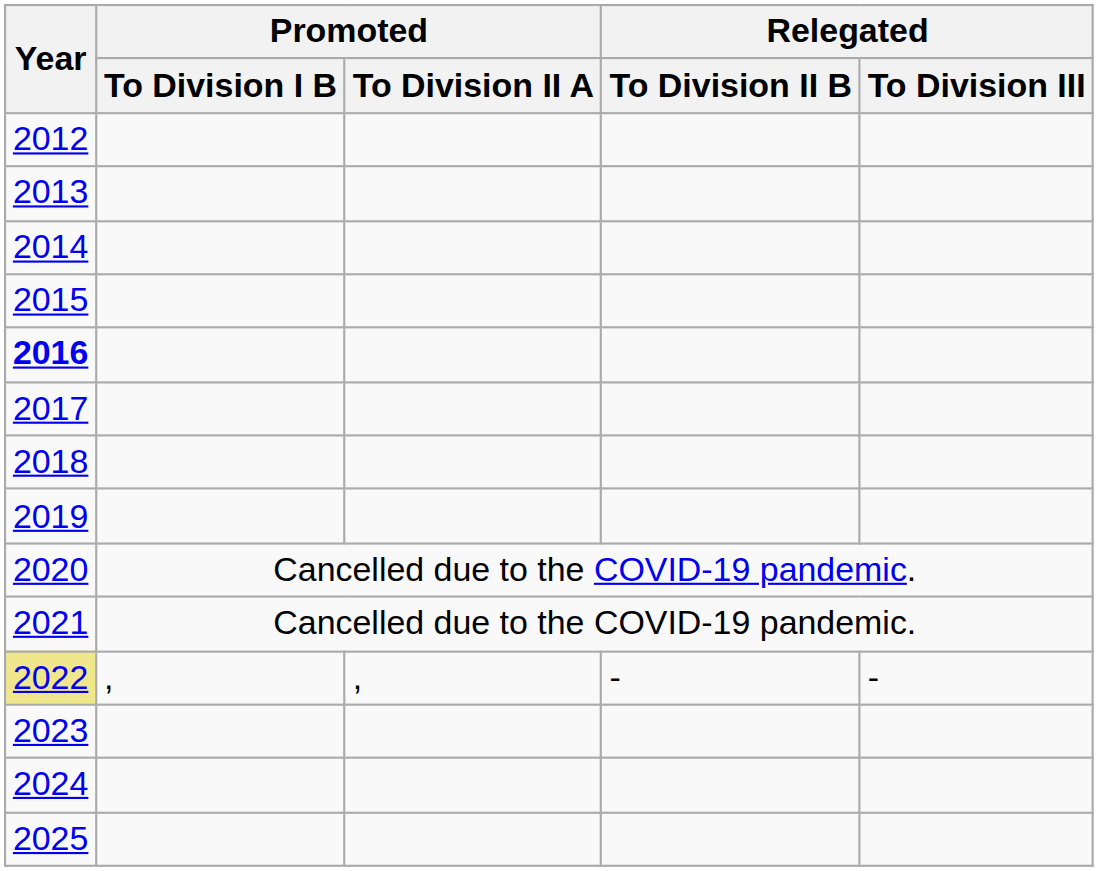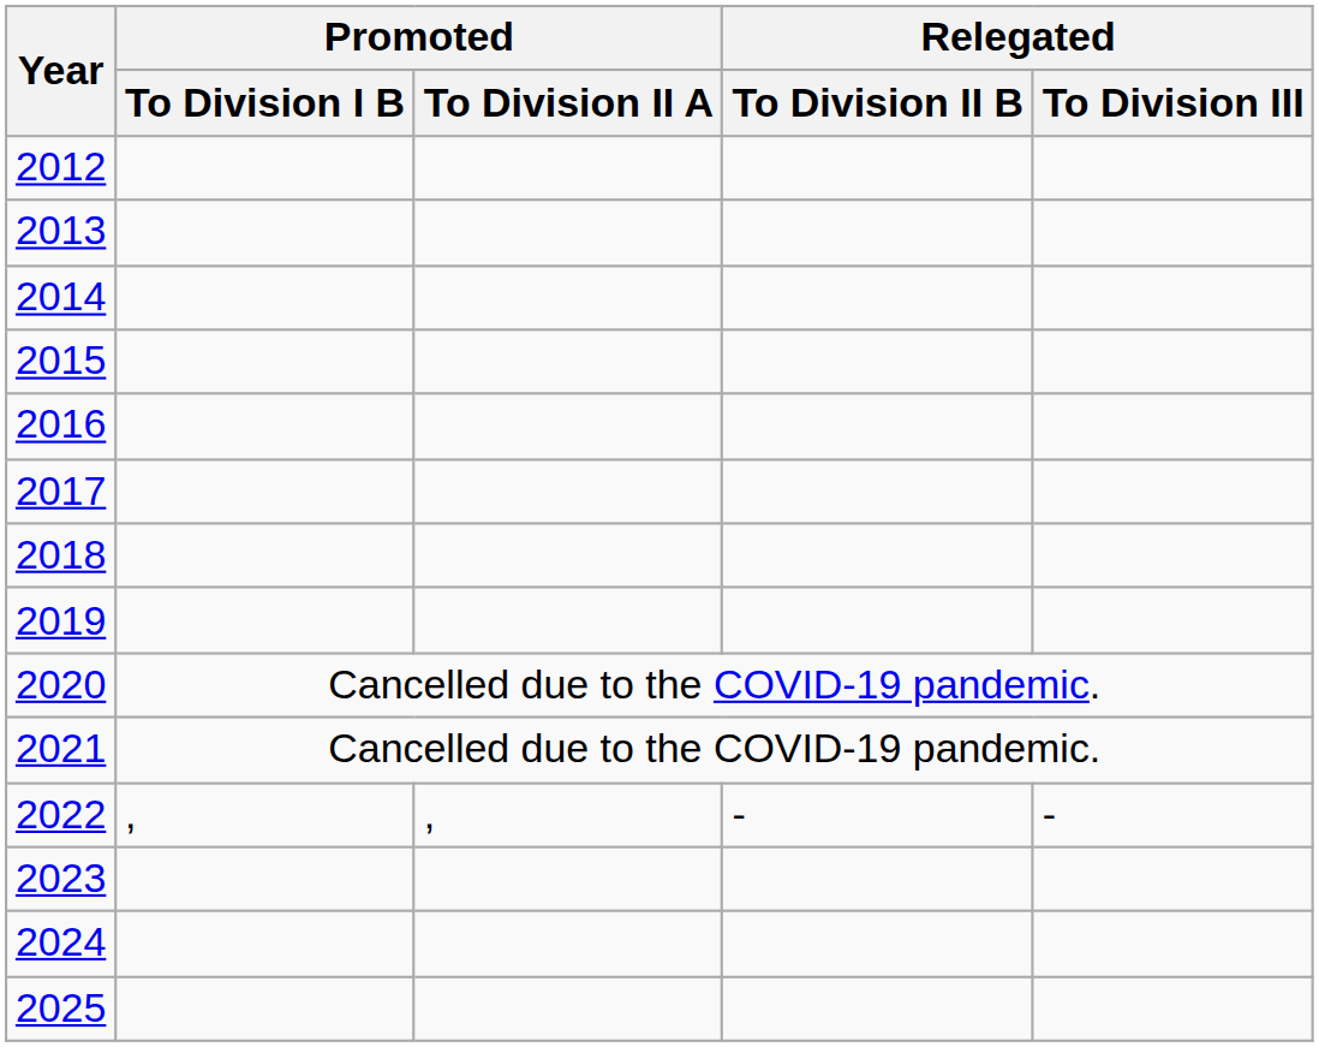 <table class="wikitable" border=1>
 <tr>
 <th rowspan=2>Year</th>
 <th colspan=2>Promoted</th>
 <th colspan=2>Relegated</th>
 </tr>
 <tr>
 <th>To Division I B</th>
 <th>To Division II A</th>
 <th>To Division II B</th>
 <th>To Division III</th>
 </tr>
 <tr>
 <td><a href='#'>2012</a></td>
 <td></td>
 <td></td>
 <td></td>
 <td></td>
 </tr>
 <tr>
 <td><a href='#'>2013</a></td>
 <td></td>
 <td></td>
 <td></td>
 <td></td>
 </tr>
 <tr>
 <td><a href='#'>2014</a></td>
 <td></td>
 <td></td>
 <td></td>
 <td></td>
 </tr>
 <tr>
 <td><a href='#'>2015</a></td>
 <td></td>
 <td></td>
 <td></td>
 <td></td>
 </tr>
 <tr>
-<td><strong><a href='#'>2016</a></strong></td>
+<td><a href='#'>2016</a></td>
 <td></td>
 <td></td>
 <td></td>
 <td></td>
 </tr>
 <tr>
 <td><a href='#'>2017</a></td>
 <td></td>
 <td></td>
 <td></td>
 <td></td>
 </tr>
 <tr>
 <td><a href='#'>2018</a></td>
 <td></td>
 <td></td>
 <td></td>
 <td></td>
 </tr>
 <tr>
 <td><a href='#'>2019</a></td>
 <td></td>
 <td></td>
 <td></td>
 <td></td>
 </tr>
 <tr>
 <td><a href='#'>2020</a></td>
 <td colspan=4 align=center>Cancelled due to the <a href='#'>COVID-19 pandemic</a>.</td>
 </tr>
 <tr>
 <td><a href='#'>2021</a></td>
 <td colspan=4 align=center>Cancelled due to the COVID-19 pandemic.</td>
 </tr>
 <tr>
-<td style="background: khaki;"><a href='#'>2022</a></td>
+<td><a href='#'>2022</a></td>
 <td>, </td>
 <td>, </td>
 <td>-</td>
 <td>-</td>
 </tr>
 <tr>
 <td><a href='#'>2023</a></td>
 <td></td>
 <td></td>
 <td></td>
 <td></td>
 </tr>
 <tr>
 <td><a href='#'>2024</a></td>
 <td></td>
 <td></td>
 <td></td>
 <td></td>
 </tr>
 <tr>
 <td><a href='#'>2025</a></td>
 <td></td>
 <td></td>
 <td></td>
 <td></td>
 </tr>
 </table>
